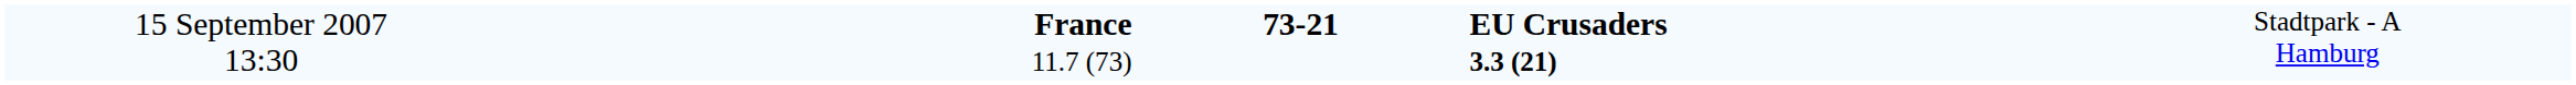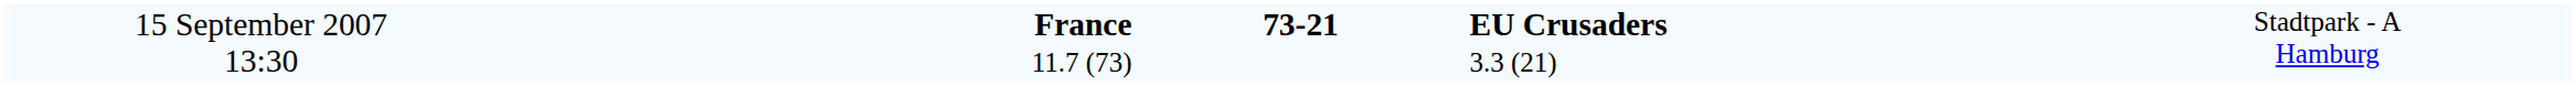 <table style="width: 100%; background:#F5FAFF;" cellspacing="0">
 <tr>
 <td align=center rowspan=3 width=20%>15 September 2007<br>13:30</td>
 </tr>
 <tr>
 <td width=24% align=right><strong>France</strong></td>
 <td align=center width=13%><strong>73-21</strong></td>
 <td width=24%><strong>EU Crusaders</strong></td>
 <td style=font-size:85% rowspan=3 valign=top align=center>Stadtpark - A <br><a href='#'>Hamburg</a></td>
 </tr>
 <tr style=font-size:85%>
 <td align=right>11.7 (73)</td>
 <td align=center></td>
-<td><strong>3.3 (21)</strong></td>
+<td>3.3 (21)</td>
 </tr>
 </table>
